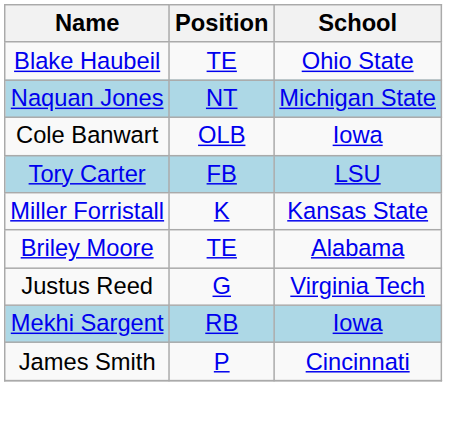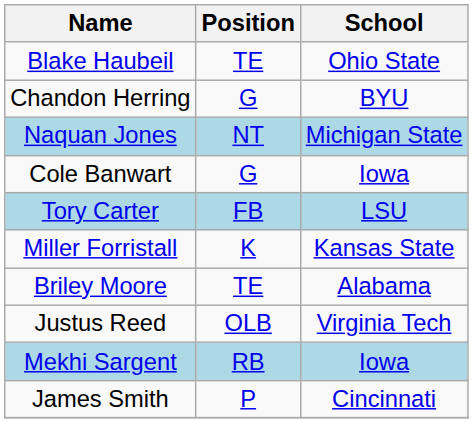 <table class="wikitable">
 <tr>
 <th>Name</th>
 <th>Position</th>
 <th>School</th>
 </tr>
 <tr align="center">
 <td><a href='#'>Blake Haubeil</a></td>
 <td><a href='#'>TE</a></td>
 <td><a href='#'>Ohio State</a></td>
 </tr>
+<tr align="center">
+<td>Chandon Herring</td>
+<td><a href='#'>G</a></td>
+<td><a href='#'>BYU</a></td>
+</tr>
 <tr align="center" | style="background:#ADD8E6">
 <td><a href='#'>Naquan Jones</a></td>
 <td><a href='#'>NT</a></td>
 <td><a href='#'>Michigan State</a></td>
 </tr>
 <tr align="center">
 <td>Cole Banwart</td>
-<td><a href='#'>OLB</a></td>
+<td><a href='#'>G</a></td>
 <td><a href='#'>Iowa</a></td>
 </tr>
 <tr align="center" | style="background:#ADD8E6">
 <td><a href='#'>Tory Carter</a></td>
 <td><a href='#'>FB</a></td>
 <td><a href='#'>LSU</a></td>
 </tr>
 <tr align="center">
 <td><a href='#'>Miller Forristall</a></td>
 <td><a href='#'>K</a></td>
 <td><a href='#'>Kansas State</a></td>
 </tr>
 <tr align="center">
 <td><a href='#'>Briley Moore</a></td>
 <td><a href='#'>TE</a></td>
 <td><a href='#'>Alabama</a></td>
 </tr>
 <tr align="center">
 <td>Justus Reed</td>
-<td><a href='#'>G</a></td>
+<td><a href='#'>OLB</a></td>
 <td><a href='#'>Virginia Tech</a></td>
 </tr>
 <tr align="center" | style="background:#ADD8E6">
 <td><a href='#'>Mekhi Sargent</a></td>
 <td><a href='#'>RB</a></td>
 <td><a href='#'>Iowa</a></td>
 </tr>
 <tr align="center">
 <td>James Smith</td>
 <td><a href='#'>P</a></td>
 <td><a href='#'>Cincinnati</a></td>
 </tr>
 <tr>
 </tr>
 </table>
